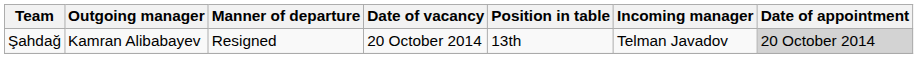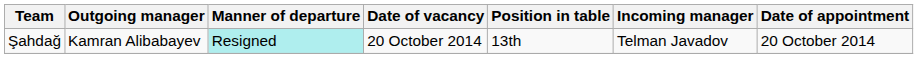 <table class="wikitable">
 <tr>
 <th>Team</th>
 <th>Outgoing manager</th>
 <th>Manner of departure</th>
 <th>Date of vacancy</th>
 <th>Position in table</th>
 <th>Incoming manager</th>
 <th>Date of appointment</th>
 </tr>
 <tr>
 <td>Şahdağ</td>
 <td> Kamran Alibabayev</td>
-<td>Resigned</td>
+<td style="background: paleturquoise;">Resigned</td>
 <td>20 October 2014</td>
 <td>13th</td>
 <td> Telman Javadov</td>
-<td style="background: lightgrey;">20 October 2014</td>
+<td>20 October 2014</td>
 </tr>
 <tr>
 </tr>
 </table>
